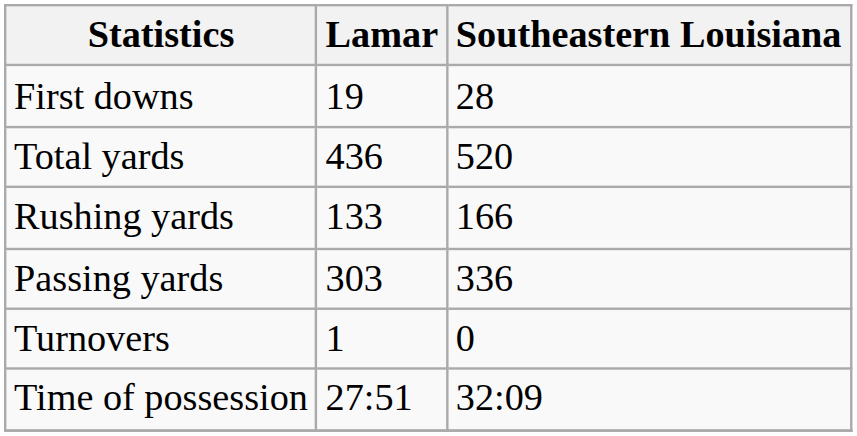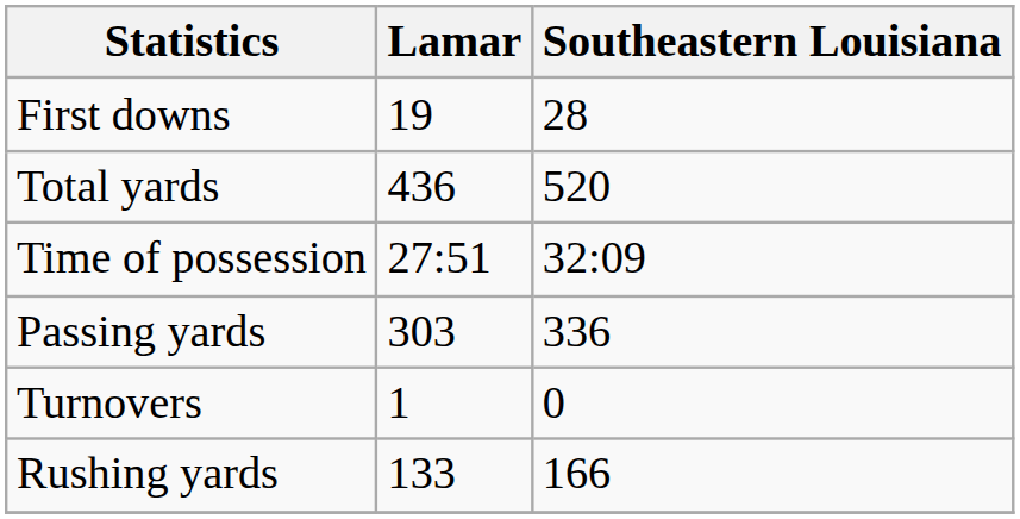 <table class="wikitable">
 <tr>
 <th>Statistics</th>
 <th>Lamar</th>
 <th>Southeastern Louisiana</th>
 </tr>
 <tr>
 <td>First downs</td>
 <td>19</td>
 <td>28</td>
 </tr>
 <tr>
 <td>Total yards</td>
 <td>436</td>
 <td>520</td>
 </tr>
 <tr>
-<td>Rushing yards</td>
-<td>133</td>
-<td>166</td>
+<td>Time of possession</td>
+<td>27:51</td>
+<td>32:09</td>
 </tr>
 <tr>
 <td>Passing yards</td>
 <td>303</td>
 <td>336</td>
 </tr>
 <tr>
 <td>Turnovers</td>
 <td>1</td>
 <td>0</td>
 </tr>
 <tr>
-<td>Time of possession</td>
-<td>27:51</td>
-<td>32:09</td>
+<td>Rushing yards</td>
+<td>133</td>
+<td>166</td>
 </tr>
 <tr>
 </tr>
 </table>
